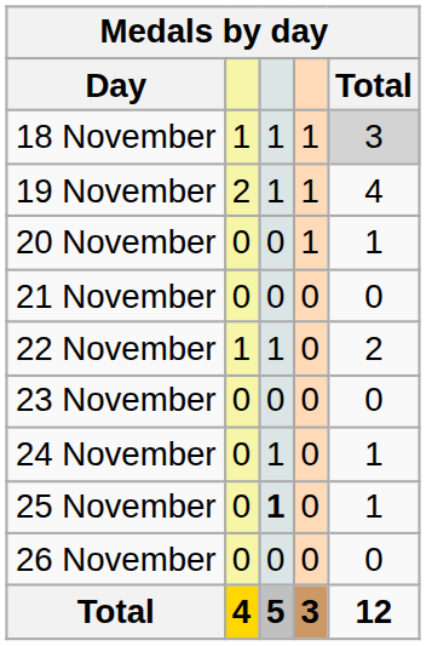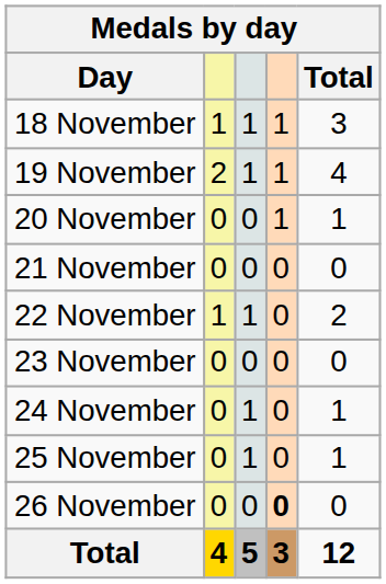 <table class="wikitable" style="font-size:85%; float:right">
 <tr align=center>
 <th colspan=5>Medals by day</th>
 </tr>
 <tr align=center>
 <th>Day</th>
 <td bgcolor=F7F6A8></td>
 <td bgcolor=DCE5E5></td>
 <td bgcolor=FFDAB9></td>
 <th>Total</th>
 </tr>
 <tr align=center>
 <td nowrap>18 November</td>
 <td style="background:#F7F6A8;">1</td>
 <td style="background:#DCE5E5;">1</td>
 <td style="background:#FFDAB9;">1</td>
-<td style="background: lightgrey;">3</td>
+<td>3</td>
 </tr>
 <tr align=center>
 <td>19 November</td>
 <td style="background:#F7F6A8;">2</td>
 <td style="background:#DCE5E5;">1</td>
 <td style="background:#FFDAB9;">1</td>
 <td>4</td>
 </tr>
 <tr align=center>
 <td>20 November</td>
 <td style="background:#F7F6A8;">0</td>
 <td style="background:#DCE5E5;">0</td>
 <td style="background:#FFDAB9;">1</td>
 <td>1</td>
 </tr>
 <tr align=center>
 <td>21 November</td>
 <td style="background:#F7F6A8;">0</td>
 <td style="background:#DCE5E5;">0</td>
 <td style="background:#FFDAB9;">0</td>
 <td>0</td>
 </tr>
 <tr align=center>
 <td>22 November</td>
 <td style="background:#F7F6A8;">1</td>
 <td style="background:#DCE5E5;">1</td>
 <td style="background:#FFDAB9;">0</td>
 <td>2</td>
 </tr>
 <tr align=center>
 <td>23 November</td>
 <td style="background:#F7F6A8;">0</td>
 <td style="background:#DCE5E5;">0</td>
 <td style="background:#FFDAB9;">0</td>
 <td>0</td>
 </tr>
 <tr align=center>
 <td>24 November</td>
 <td style="background:#F7F6A8;">0</td>
 <td style="background:#DCE5E5;">1</td>
 <td style="background:#FFDAB9;">0</td>
 <td>1</td>
 </tr>
 <tr align=center>
 <td>25 November</td>
 <td style="background:#F7F6A8;">0</td>
-<td style="background:#DCE5E5;"><strong>1</strong></td>
+<td style="background:#DCE5E5;">1</td>
 <td style="background:#FFDAB9;">0</td>
 <td>1</td>
 </tr>
 <tr align=center>
 <td>26 November</td>
 <td style="background:#F7F6A8;">0</td>
 <td style="background:#DCE5E5;">0</td>
-<td style="background:#FFDAB9;">0</td>
+<td style="background:#FFDAB9;"><strong>0</strong></td>
 <td>0</td>
 </tr>
 <tr align=center>
 <th><strong>Total</strong></th>
 <th style="background:gold;"><strong>4</strong></th>
 <th style="background:silver;"><strong>5</strong></th>
 <th style="background:#c96;"><strong>3</strong></th>
 <td><strong>12</strong></td>
 </tr>
 </table>
